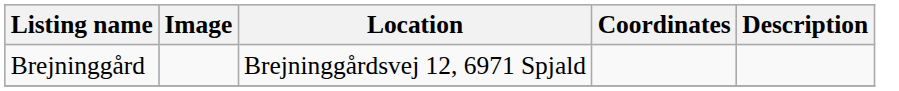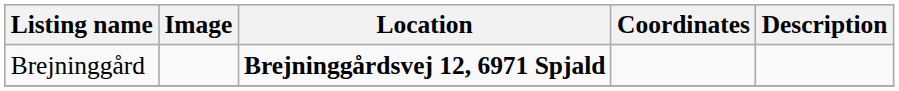 <table class="wikitable sortable">
 <tr>
 <th>Listing name</th>
 <th>Image</th>
 <th>Location</th>
 <th>Coordinates</th>
 <th>Description</th>
 </tr>
 <tr>
 <td>Brejninggård</td>
 <td></td>
-<td>Brejninggårdsvej 12, 6971 Spjald</td>
+<td><strong>Brejninggårdsvej 12, 6971 Spjald</strong></td>
 <td></td>
 <td></td>
 </tr>
 <tr>
 </tr>
 </table>
